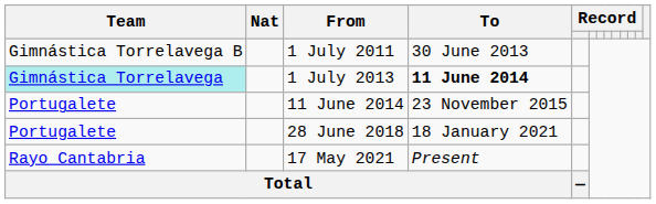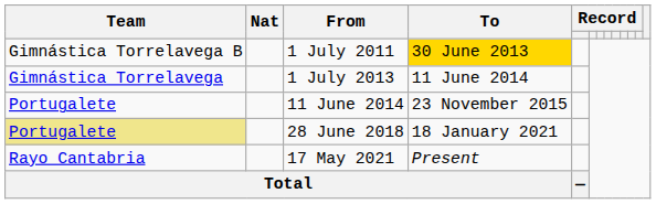 <table class="wikitable" style="text-align: center">
 <tr>
 <th rowspan="2">Team</th>
 <th rowspan="2">Nat</th>
 <th rowspan="2">From</th>
 <th rowspan="2">To</th>
 <th colspan="8">Record</th>
 <th rowspan=2></th>
 </tr>
 <tr>
 <th></th>
 <th></th>
 <th></th>
 <th></th>
 <th></th>
 <th></th>
 <th></th>
 <th></th>
 </tr>
 <tr>
 <td align=left>Gimnástica Torrelavega B</td>
 <td></td>
 <td align=left>1 July 2011</td>
-<td align=left>30 June 2013<br></td>
+<td align=left style="background: gold;">30 June 2013<br></td>
 <td></td>
 </tr>
 <tr>
-<td align=left style="background: paleturquoise;"><a href='#'>Gimnástica Torrelavega</a></td>
+<td align=left><a href='#'>Gimnástica Torrelavega</a></td>
 <td></td>
 <td align=left>1 July 2013</td>
-<td align=left><strong>11 June 2014<br></strong></td>
+<td align=left>11 June 2014<br></td>
 <td></td>
 </tr>
 <tr>
 <td align=left><a href='#'>Portugalete</a></td>
 <td></td>
 <td align=left>11 June 2014</td>
 <td align=left>23 November 2015<br></td>
 <td></td>
 </tr>
 <tr>
-<td align=left><a href='#'>Portugalete</a></td>
+<td align=left style="background: khaki;"><a href='#'>Portugalete</a></td>
 <td></td>
 <td align=left>28 June 2018</td>
 <td align=left>18 January 2021<br></td>
 <td></td>
 </tr>
 <tr>
 <td align=left><a href='#'>Rayo Cantabria</a></td>
 <td></td>
 <td align=left>17 May 2021</td>
 <td align=left><em>Present</em><br></td>
 <td></td>
 </tr>
 <tr>
 <th colspan="4">Total<br></th>
 <th>—</th>
 </tr>
 </table>
